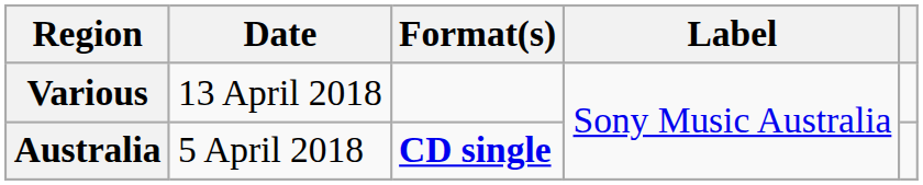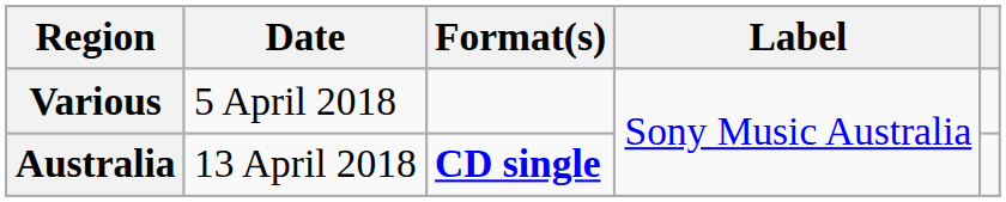 <table class="wikitable plainrowheaders">
 <tr>
 <th scope="col">Region</th>
 <th scope="col">Date</th>
 <th scope="col">Format(s)</th>
 <th scope="col">Label</th>
 <th scope="col"></th>
 </tr>
 <tr>
 <th scope="row">Various</th>
-<td>13 April 2018</td>
+<td>5 April 2018</td>
 <td></td>
 <td rowspan="2"><a href='#'>Sony Music Australia</a></td>
 <td style="text-align:center;"></td>
 </tr>
 <tr>
 <th scope="row">Australia</th>
-<td>5 April 2018</td>
+<td>13 April 2018</td>
 <td><strong><a href='#'>CD single</a></strong></td>
 <td style="text-align:center;"></td>
 </tr>
 </table>
